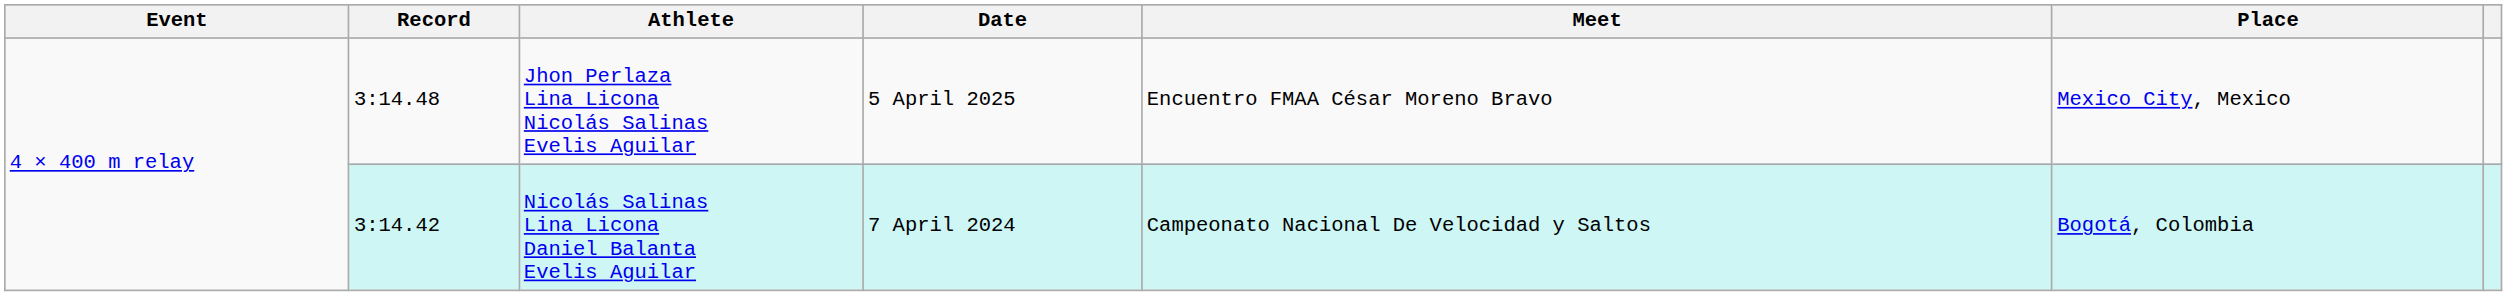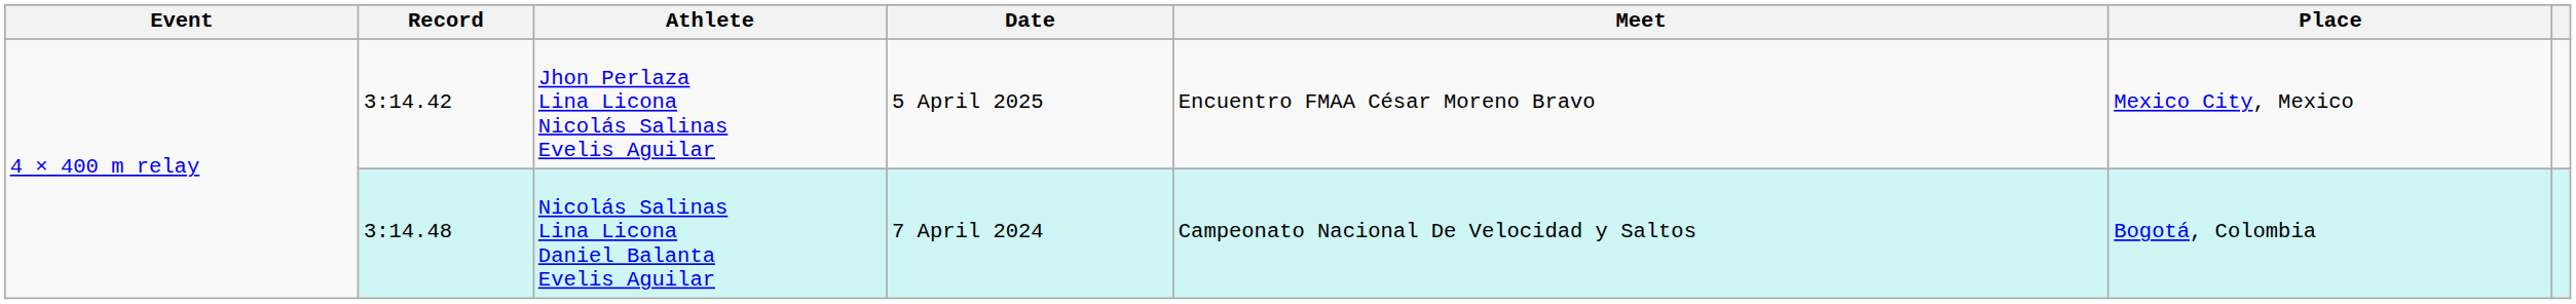 <table class="wikitable" style="font-size:95%; width: 95%;">
 <tr>
 <th>Event</th>
 <th>Record</th>
 <th>Athlete</th>
 <th>Date</th>
 <th>Meet</th>
 <th>Place</th>
 <th></th>
 </tr>
 <tr>
 <td rowspan=2><a href='#'>4 × 400 m relay</a></td>
-<td>3:14.48 </td>
+<td>3:14.42 </td>
 <td><br><a href='#'>Jhon Perlaza</a><br><a href='#'>Lina Licona</a><br><a href='#'>Nicolás Salinas</a><br><a href='#'>Evelis Aguilar</a></td>
 <td>5 April 2025</td>
 <td>Encuentro FMAA César Moreno Bravo</td>
 <td><a href='#'>Mexico City</a>, Mexico</td>
 <td></td>
 </tr>
 <tr bgcolor=#CEF6F5>
-<td>3:14.42 </td>
+<td>3:14.48 </td>
 <td><br><a href='#'>Nicolás Salinas</a><br><a href='#'>Lina Licona</a><br><a href='#'>Daniel Balanta</a><br><a href='#'>Evelis Aguilar</a></td>
 <td>7 April 2024</td>
 <td>Campeonato Nacional De Velocidad y Saltos</td>
 <td><a href='#'>Bogotá</a>, Colombia</td>
 <td></td>
 </tr>
 </table>
